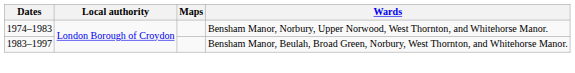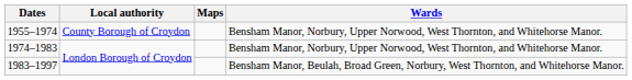 <table class=wikitable>
 <tr>
 <th>Dates</th>
 <th>Local authority</th>
 <th>Maps</th>
 <th><a href='#'>Wards</a></th>
+</tr>
+<tr>
+<td>1955–1974</td>
+<td><a href='#'>County Borough of Croydon</a></td>
+<td></td>
+<td>Bensham Manor, Norbury, Upper Norwood, West Thornton, and Whitehorse Manor.</td>
 </tr>
 <tr>
 <td>1974–1983</td>
 <td rowspan="2"><a href='#'>London Borough of Croydon</a></td>
 <td></td>
 <td>Bensham Manor, Norbury, Upper Norwood, West Thornton, and Whitehorse Manor.</td>
 </tr>
 <tr>
 <td>1983–1997</td>
 <td></td>
 <td>Bensham Manor, Beulah, Broad Green, Norbury, West Thornton, and Whitehorse Manor.</td>
 </tr>
 </table>
